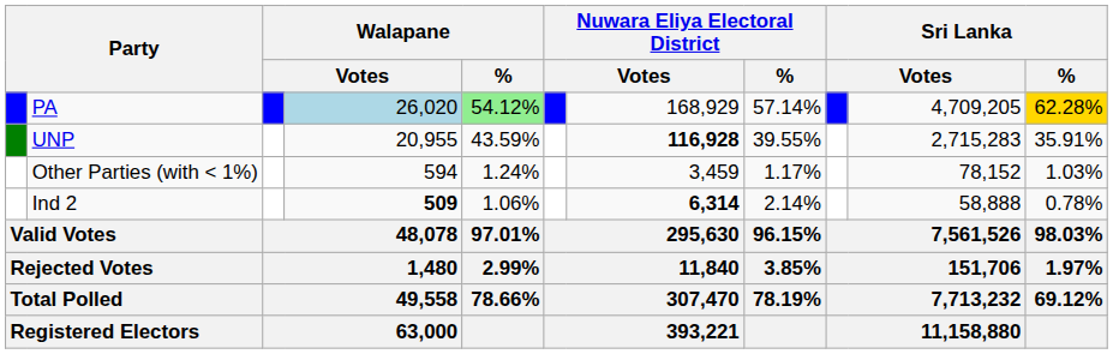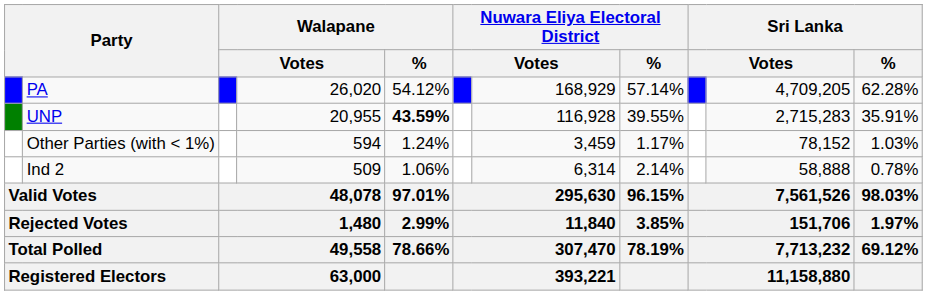 <table class="wikitable">
 <tr>
 <th colspan="2" width="144px"rowspan="2">Party</th>
 <th colspan="3" width="216px">Walapane</th>
 <th colspan="3" width="216px"><a href='#'>Nuwara Eliya Electoral District</a></th>
 <th colspan="3" width="216px">Sri Lanka</th>
 </tr>
 <tr>
 <th colspan="2" width="144px">Votes</th>
 <th>%</th>
 <th colspan="2" width="144px">Votes</th>
 <th>%</th>
 <th colspan="2" width="144px">Votes</th>
 <th>%</th>
 </tr>
 <tr>
 <td style="background-color:blue;" width="10px"></td>
 <td style="text-align:left;"><a href='#'>PA</a></td>
 <td style="background-color:blue;" width="10px"></td>
-<td style="background: lightblue; text-align:right;">26,020</td>
-<td style="background: lightgreen; text-align:right;">54.12%</td>
+<td style="text-align:right;">26,020</td>
+<td style="text-align:right;">54.12%</td>
 <td style="background-color:blue;" width="10px"></td>
 <td style="text-align:right;">168,929</td>
 <td style="text-align:right;">57.14%</td>
 <td style="background-color:blue;" width="10px"></td>
 <td style="text-align:right;">4,709,205</td>
-<td style="background: gold; text-align:right;">62.28%</td>
+<td style="text-align:right;">62.28%</td>
 </tr>
 <tr>
 <td style="background-color:green;" width="10px"></td>
 <td style="text-align:left;"><a href='#'>UNP</a></td>
 <td style="background-color:white;" width="10px"></td>
 <td style="text-align:right;">20,955</td>
-<td style="text-align:right;">43.59%</td>
+<td style="text-align:right;"><strong>43.59%</strong></td>
 <td style="background-color:white;" width="10px"></td>
-<td style="text-align:right;"><strong>116,928</strong></td>
+<td style="text-align:right;">116,928</td>
 <td style="text-align:right;">39.55%</td>
 <td style="background-color:white;" width="10px"></td>
 <td style="text-align:right;">2,715,283</td>
 <td style="text-align:right;">35.91%</td>
 </tr>
 <tr>
 <td style="background-color:white;" width="10px"></td>
 <td style="text-align:left;">Other Parties (with < 1%)</td>
 <td style="background-color:white;" width="10px"></td>
 <td style="text-align:right;">594</td>
 <td style="text-align:right;">1.24%</td>
 <td style="background-color:white;" width="10px"></td>
 <td style="text-align:right;">3,459</td>
 <td style="text-align:right;">1.17%</td>
 <td style="background-color:white;" width="10px"></td>
 <td style="text-align:right;">78,152</td>
 <td style="text-align:right;">1.03%</td>
 </tr>
 <tr>
 <td style="background-color:white;" width="10px"></td>
 <td style="text-align:left;">Ind 2</td>
 <td style="background-color:white;" width="10px"></td>
-<td style="text-align:right;"><strong>509</strong></td>
+<td style="text-align:right;">509</td>
 <td style="text-align:right;">1.06%</td>
 <td style="background-color:white;" width="10px"></td>
-<td style="text-align:right;"><strong>6,314</strong></td>
+<td style="text-align:right;">6,314</td>
 <td style="text-align:right;">2.14%</td>
 <td style="background-color:white;" width="10px"></td>
 <td style="text-align:right;">58,888</td>
 <td style="text-align:right;">0.78%</td>
 </tr>
 <tr>
 <th colspan="2" width="144px"style="text-align:left;">Valid Votes</th>
 <th style="text-align:right;"colspan="2" width="144px">48,078</th>
 <th style="text-align:right;">97.01%</th>
 <th style="text-align:right;"colspan="2" width="144px">295,630</th>
 <th style="text-align:right;">96.15%</th>
 <th style="text-align:right;"colspan="2" width="144px">7,561,526</th>
 <th style="text-align:right;">98.03%</th>
 </tr>
 <tr>
 <th colspan="2" width="144px"style="text-align:left;">Rejected Votes</th>
 <th style="text-align:right;"colspan="2" width="144px">1,480</th>
 <th style="text-align:right;">2.99%</th>
 <th style="text-align:right;"colspan="2" width="144px">11,840</th>
 <th style="text-align:right;">3.85%</th>
 <th style="text-align:right;"colspan="2" width="144px">151,706</th>
 <th style="text-align:right;">1.97%</th>
 </tr>
 <tr>
 <th colspan="2" width="144px"style="text-align:left;">Total Polled</th>
 <th style="text-align:right;"colspan="2" width="144px">49,558</th>
 <th style="text-align:right;">78.66%</th>
 <th style="text-align:right;"colspan="2" width="144px">307,470</th>
 <th style="text-align:right;">78.19%</th>
 <th style="text-align:right;"colspan="2" width="144px">7,713,232</th>
 <th style="text-align:right;">69.12%</th>
 </tr>
 <tr>
 <th colspan="2" width="144px"style="text-align:left;">Registered Electors</th>
 <th style="text-align:right;"colspan="2" width="144px">63,000</th>
 <th></th>
 <th style="text-align:right;"colspan="2" width="144px">393,221</th>
 <th></th>
 <th style="text-align:right;"colspan="2" width="144px">11,158,880</th>
 <th></th>
 </tr>
 </table>
